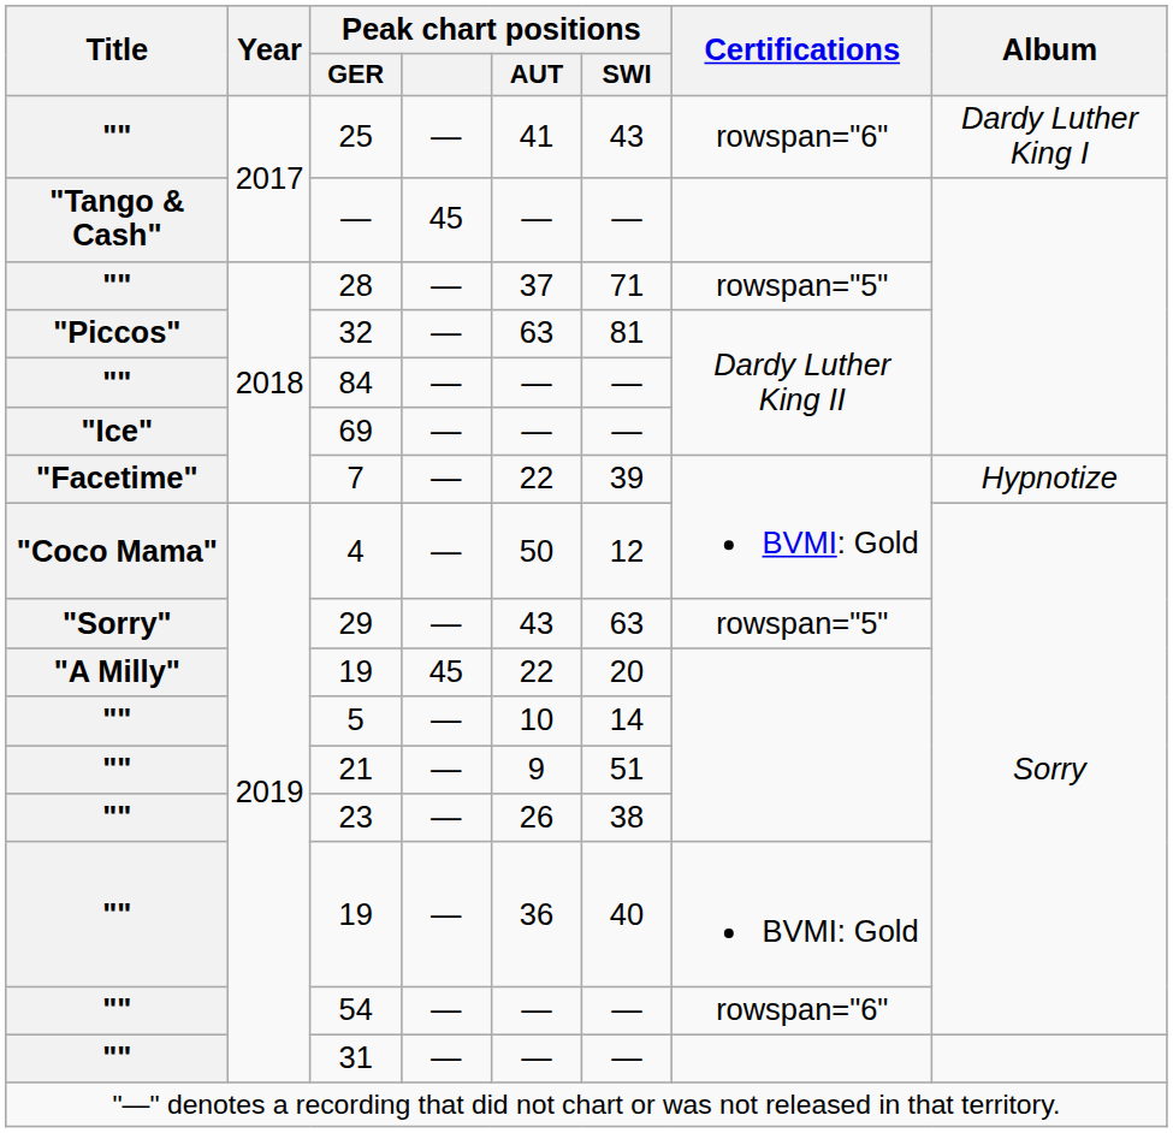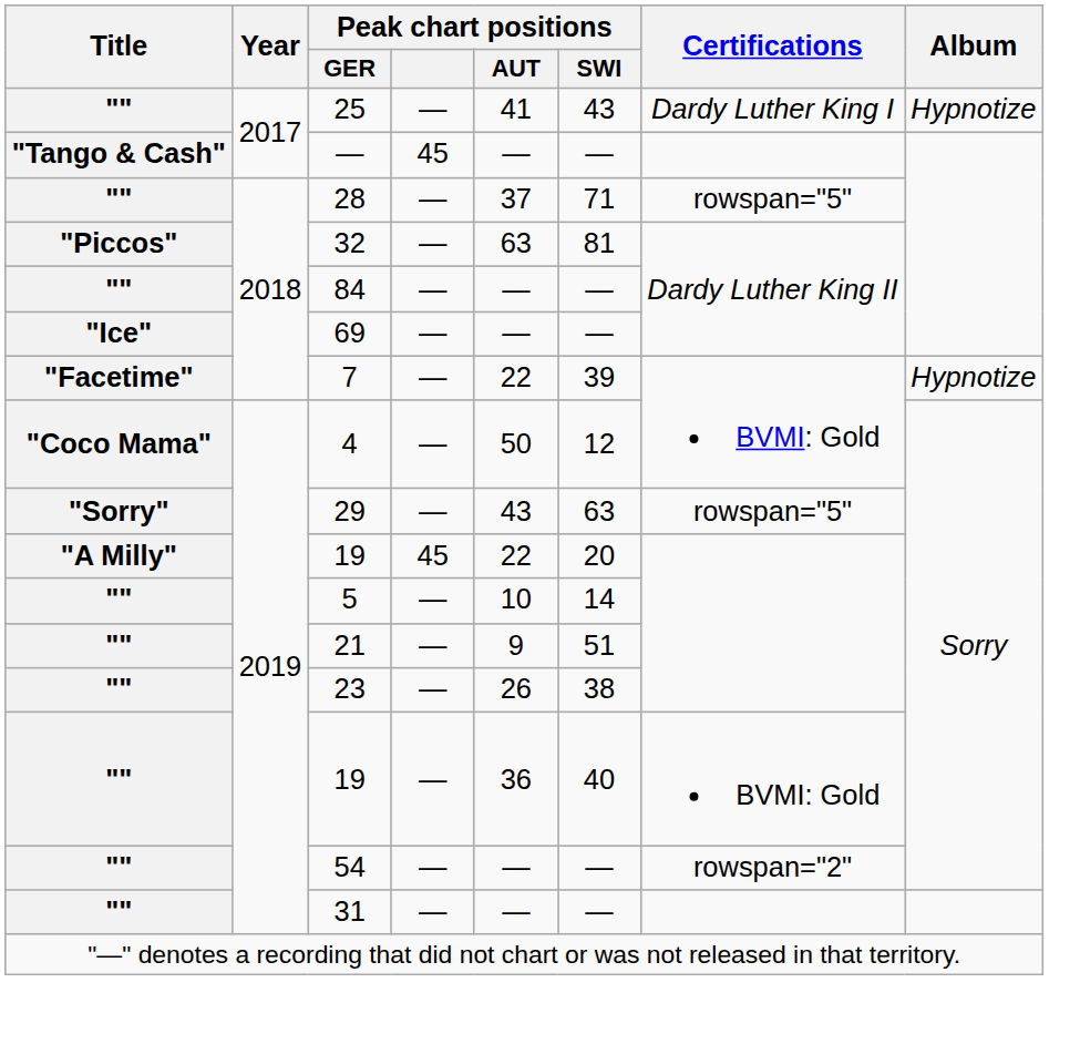 <table class="wikitable plainrowheaders" style="text-align:center;">
 <tr>
 <th scope="col" rowspan="2">Title</th>
 <th scope="col" rowspan="2">Year</th>
 <th scope="col" colspan="4">Peak chart positions</th>
 <th scope="col" rowspan="2"><a href='#'>Certifications</a></th>
 <th scope="col" rowspan="2">Album</th>
 </tr>
 <tr>
 <th style="width:3em; font-size:85%;">GER<br></th>
 <th style="width:3em; font-size:85%;"><a href='#'></a><br></th>
 <th style="width:3em; font-size:85%;">AUT<br></th>
 <th style="width:3em; font-size:85%;">SWI<br></th>
 </tr>
 <tr>
 <th scope="row">""<br></th>
 <td rowspan="2">2017</td>
 <td>25</td>
 <td>—</td>
 <td>41</td>
 <td>43</td>
-<td>rowspan="6" </td>
 <td><em>Dardy Luther King I</em></td>
+<td><em>Hypnotize</em></td>
 </tr>
 <tr>
 <th scope="row">"Tango & Cash"<br></th>
 <td>—</td>
 <td>45</td>
 <td>—</td>
 <td>—</td>
 <td></td>
 </tr>
 <tr>
 <th scope="row">""<br></th>
 <td rowspan="5">2018</td>
 <td>28</td>
 <td>—</td>
 <td>37</td>
 <td>71</td>
 <td>rowspan="5" </td>
 </tr>
 <tr>
 <th scope="row">"Piccos"<br></th>
 <td>32</td>
 <td>—</td>
 <td>63</td>
 <td>81</td>
 <td rowspan="3"><em>Dardy Luther King II</em></td>
 </tr>
 <tr>
 <th scope="row">""</th>
 <td>84</td>
 <td>—</td>
 <td>—</td>
 <td>—</td>
 </tr>
 <tr>
 <th scope="row">"Ice"</th>
 <td>69</td>
 <td>—</td>
 <td>—</td>
 <td>—</td>
 </tr>
 <tr>
 <th scope="row">"Facetime"</th>
 <td>7</td>
 <td>—</td>
 <td>22</td>
 <td>39</td>
 <td rowspan="2"><br><ul><li><a href='#'>BVMI</a>: Gold</li></ul></td>
 <td><em>Hypnotize</em></td>
 </tr>
 <tr>
 <th scope="row">"Coco Mama"</th>
 <td rowspan="9">2019</td>
 <td>4</td>
 <td>—</td>
 <td>50</td>
 <td>12</td>
 <td rowspan="8"><em>Sorry</em></td>
 </tr>
 <tr>
 <th scope="row">"Sorry"</th>
 <td>29</td>
 <td>—</td>
 <td>43</td>
 <td>63</td>
 <td>rowspan="5" </td>
 </tr>
 <tr>
 <th scope="row">"A Milly"<br></th>
 <td>19</td>
 <td>45</td>
 <td>22</td>
 <td>20</td>
 </tr>
 <tr>
 <th scope="row">""<br></th>
 <td>5</td>
 <td>—</td>
 <td>10</td>
 <td>14</td>
 </tr>
 <tr>
 <th scope="row">""</th>
 <td>21</td>
 <td>—</td>
 <td>9</td>
 <td>51</td>
 </tr>
 <tr>
 <th scope="row">""</th>
 <td>23</td>
 <td>—</td>
 <td>26</td>
 <td>38</td>
 </tr>
 <tr>
 <th scope="row">""<br></th>
 <td>19</td>
 <td>—</td>
 <td>36</td>
 <td>40</td>
 <td><br><ul><li>BVMI: Gold</li></ul></td>
 </tr>
 <tr>
 <th scope="row">""<br></th>
 <td>54</td>
 <td>—</td>
 <td>—</td>
 <td>—</td>
-<td>rowspan="6" </td>
+<td>rowspan="2" </td>
 </tr>
 <tr>
 <th scope="row">""<br></th>
 <td>31</td>
 <td>—</td>
 <td>—</td>
 <td>—</td>
 <td></td>
 </tr>
 <tr>
 <td colspan="8" style="font-size:90%">"—" denotes a recording that did not chart or was not released in that territory.</td>
 </tr>
 </table>
